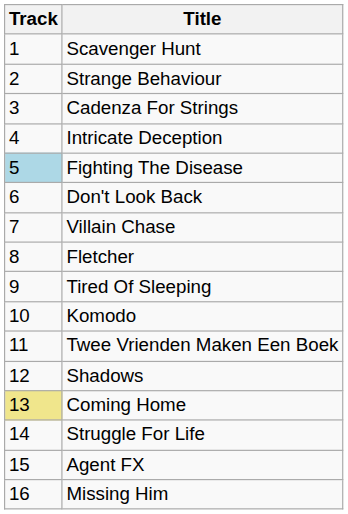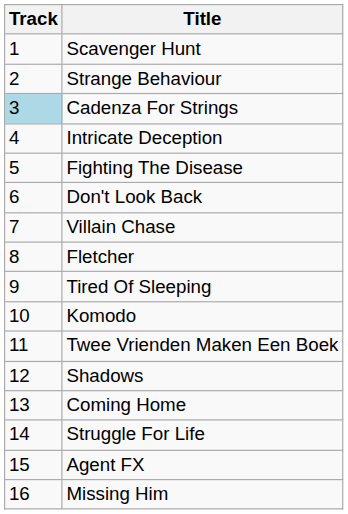 <table class="wikitable mw-collapsible">
 <tr>
 <th>Track</th>
 <th>Title</th>
 </tr>
 <tr>
 <td>1</td>
 <td>Scavenger Hunt</td>
 </tr>
 <tr>
 <td>2</td>
 <td>Strange Behaviour</td>
 </tr>
 <tr>
-<td>3</td>
+<td style="background: lightblue;">3</td>
 <td>Cadenza For Strings</td>
 </tr>
 <tr>
 <td>4</td>
 <td>Intricate Deception</td>
 </tr>
 <tr>
-<td style="background: lightblue;">5</td>
+<td>5</td>
 <td>Fighting The Disease</td>
 </tr>
 <tr>
 <td>6</td>
 <td>Don't Look Back</td>
 </tr>
 <tr>
 <td>7</td>
 <td>Villain Chase</td>
 </tr>
 <tr>
 <td>8</td>
 <td>Fletcher</td>
 </tr>
 <tr>
 <td>9</td>
 <td>Tired Of Sleeping</td>
 </tr>
 <tr>
 <td>10</td>
 <td>Komodo</td>
 </tr>
 <tr>
 <td>11</td>
 <td>Twee Vrienden Maken Een Boek</td>
 </tr>
 <tr>
 <td>12</td>
 <td>Shadows</td>
 </tr>
 <tr>
-<td style="background: khaki;">13</td>
+<td>13</td>
 <td>Coming Home</td>
 </tr>
 <tr>
 <td>14</td>
 <td>Struggle For Life</td>
 </tr>
 <tr>
 <td>15</td>
 <td>Agent FX</td>
 </tr>
 <tr>
 <td>16</td>
 <td>Missing Him</td>
 </tr>
 </table>
